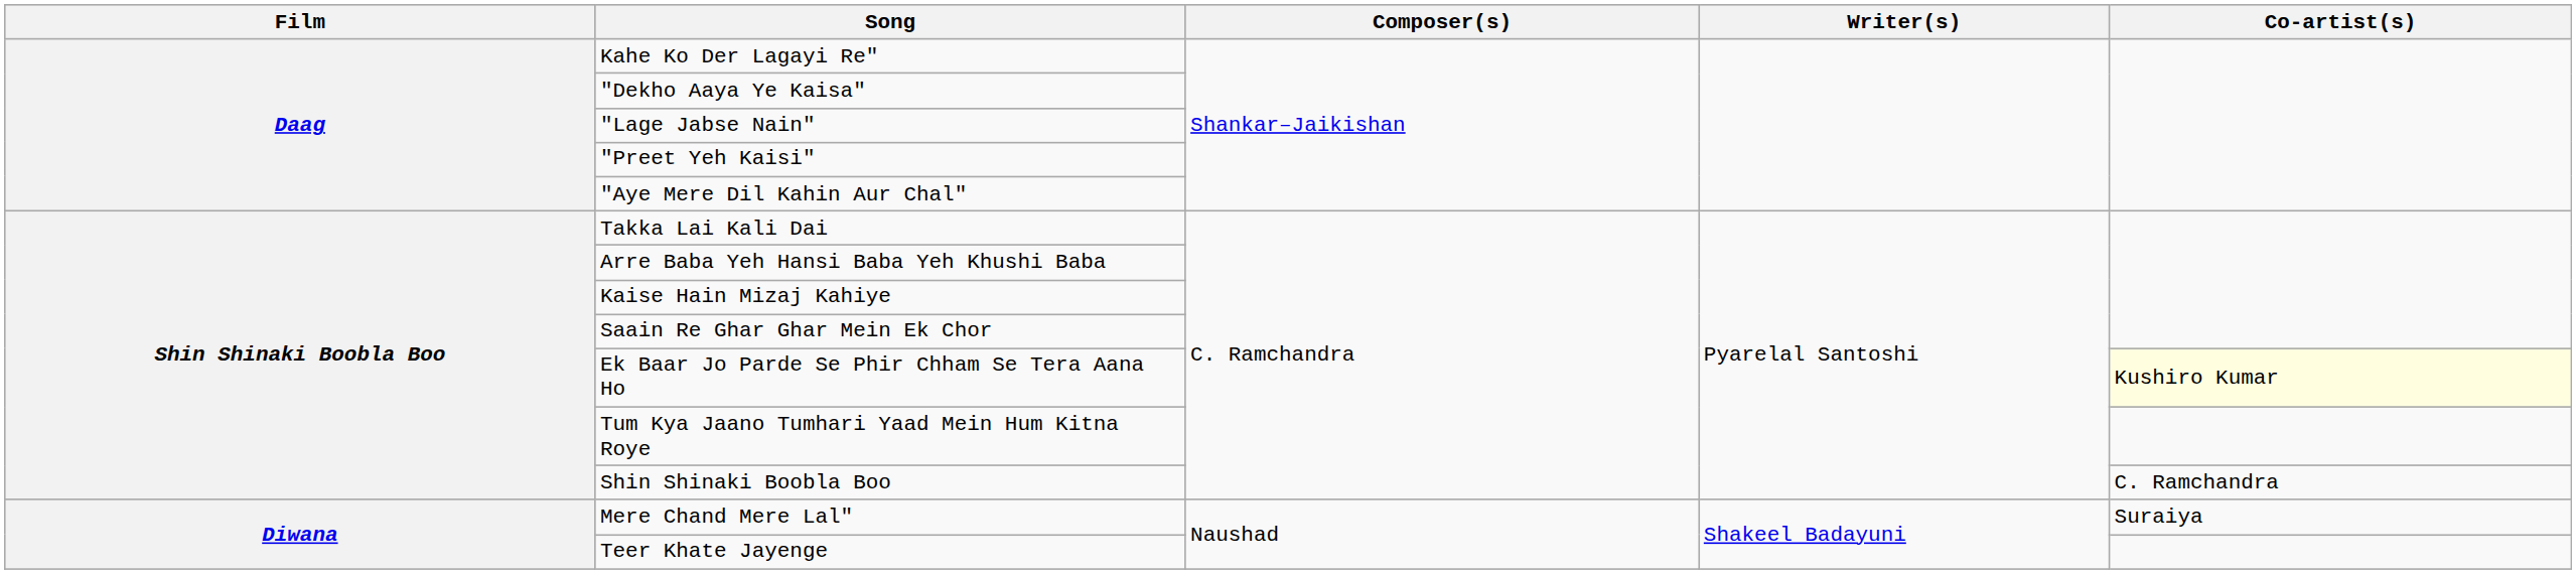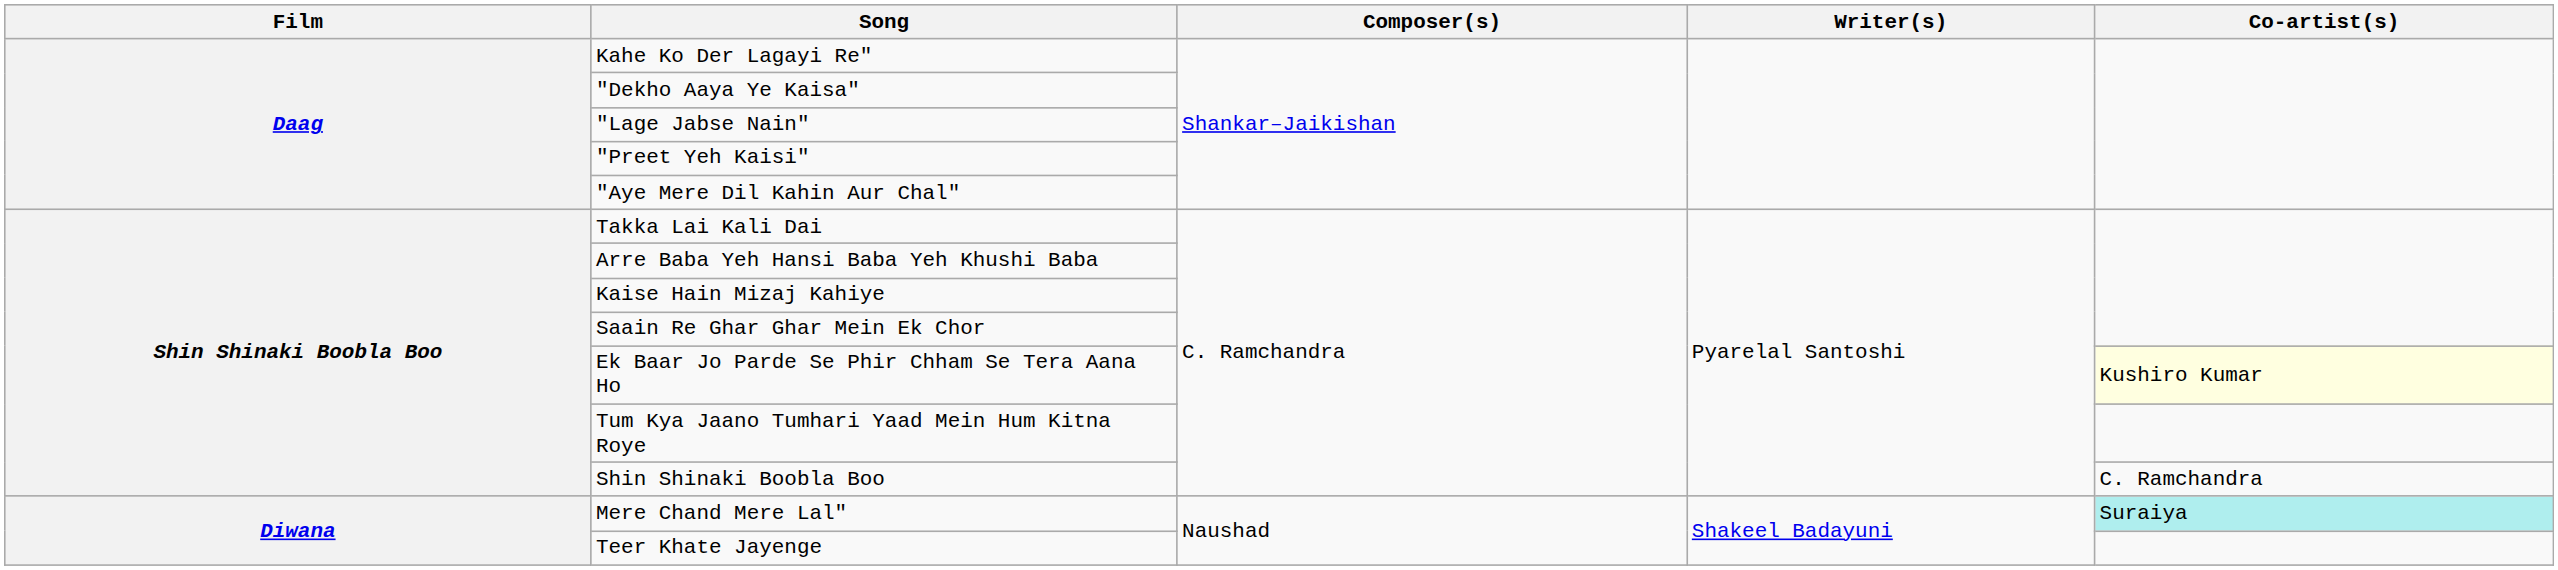 <table class="wikitable plainrowheaders" style="width:100%; textcolor:#000">
 <tr style="background:#b0e0e66;">
 <th scope="col" style="width:23%;"><strong>Film</strong></th>
 <th scope="col" style="width:23%;"><strong>Song</strong></th>
 <th scope="col" style="width:20%;"><strong>Composer(s)</strong></th>
 <th scope="col" style="width:16%;"><strong>Writer(s)</strong></th>
 <th scope="col" style="width:18%;"><strong>Co-artist(s)</strong></th>
 </tr>
 <tr>
 <th rowspan=5><em><a href='#'>Daag</a></em></th>
 <td>Kahe Ko Der Lagayi Re"</td>
 <td rowspan=5><a href='#'>Shankar–Jaikishan</a></td>
 <td rowspan=5></td>
 <td rowspan=5></td>
 </tr>
 <tr>
 <td>"Dekho Aaya Ye Kaisa"</td>
 </tr>
 <tr>
 <td>"Lage Jabse Nain"</td>
 </tr>
 <tr>
 <td>"Preet Yeh Kaisi"</td>
 </tr>
 <tr>
 <td>"Aye Mere Dil Kahin Aur Chal"</td>
 </tr>
 <tr>
 <th Rowspan=7><em>Shin Shinaki Boobla Boo</em></th>
 <td>Takka Lai Kali Dai</td>
 <td rowspan=7>C. Ramchandra</td>
 <td rowspan=7>Pyarelal Santoshi</td>
 <td rowspan=4></td>
 </tr>
 <tr>
 <td>Arre Baba Yeh Hansi Baba Yeh Khushi Baba</td>
 </tr>
 <tr>
 <td>Kaise Hain Mizaj Kahiye</td>
 </tr>
 <tr>
 <td>Saain Re Ghar Ghar Mein Ek Chor</td>
 </tr>
 <tr>
 <td>Ek Baar Jo Parde Se Phir Chham Se Tera Aana Ho</td>
 <td style="background: lightyellow;">Kushiro Kumar</td>
 </tr>
 <tr>
 <td>Tum Kya Jaano Tumhari Yaad Mein Hum Kitna Roye</td>
 <td></td>
 </tr>
 <tr>
 <td>Shin Shinaki Boobla Boo</td>
 <td>C. Ramchandra</td>
 </tr>
 <tr>
 <th Rowspan=2><em><a href='#'>Diwana</a></em></th>
 <td>Mere Chand Mere Lal"</td>
 <td rowspan=2>Naushad</td>
 <td rowspan=2><a href='#'>Shakeel Badayuni</a></td>
-<td>Suraiya</td>
+<td style="background: paleturquoise;">Suraiya</td>
 </tr>
 <tr>
 <td>Teer Khate Jayenge</td>
 <td></td>
 </tr>
 </table>
